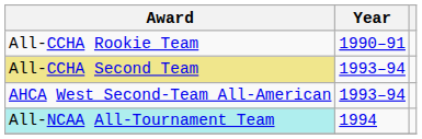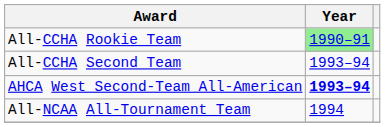 <table class="wikitable">
 <tr>
 <th>Award</th>
 <th>Year</th>
 <th></th>
 </tr>
 <tr>
 <td>All-<a href='#'>CCHA</a> <a href='#'>Rookie Team</a></td>
-<td><a href='#'>1990–91</a></td>
+<td style="background: lightgreen;"><a href='#'>1990–91</a></td>
 <td></td>
 </tr>
 <tr>
-<td style="background: khaki;">All-<a href='#'>CCHA</a> <a href='#'>Second Team</a></td>
+<td>All-<a href='#'>CCHA</a> <a href='#'>Second Team</a></td>
 <td><a href='#'>1993–94</a></td>
 <td></td>
 </tr>
 <tr>
 <td><a href='#'>AHCA</a> <a href='#'>West Second-Team All-American</a></td>
-<td><a href='#'>1993–94</a></td>
+<td><strong><a href='#'>1993–94</a></strong></td>
 <td></td>
 </tr>
 <tr>
-<td style="background: paleturquoise;">All-<a href='#'>NCAA</a> <a href='#'>All-Tournament Team</a></td>
+<td>All-<a href='#'>NCAA</a> <a href='#'>All-Tournament Team</a></td>
 <td><a href='#'>1994</a></td>
 <td></td>
 </tr>
 <tr>
 </tr>
 </table>
